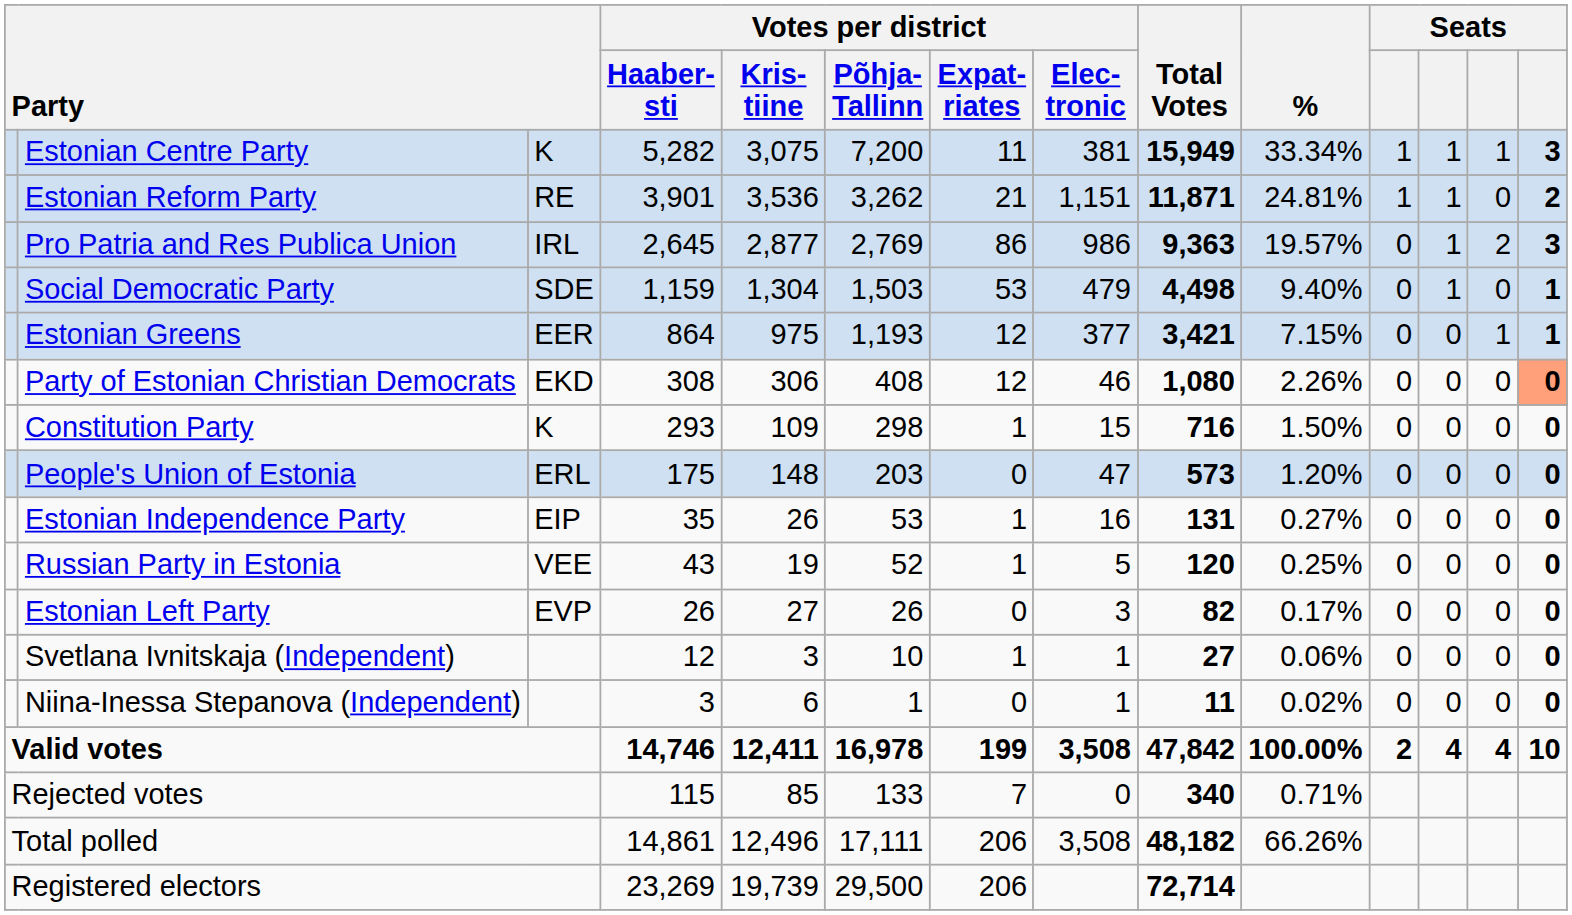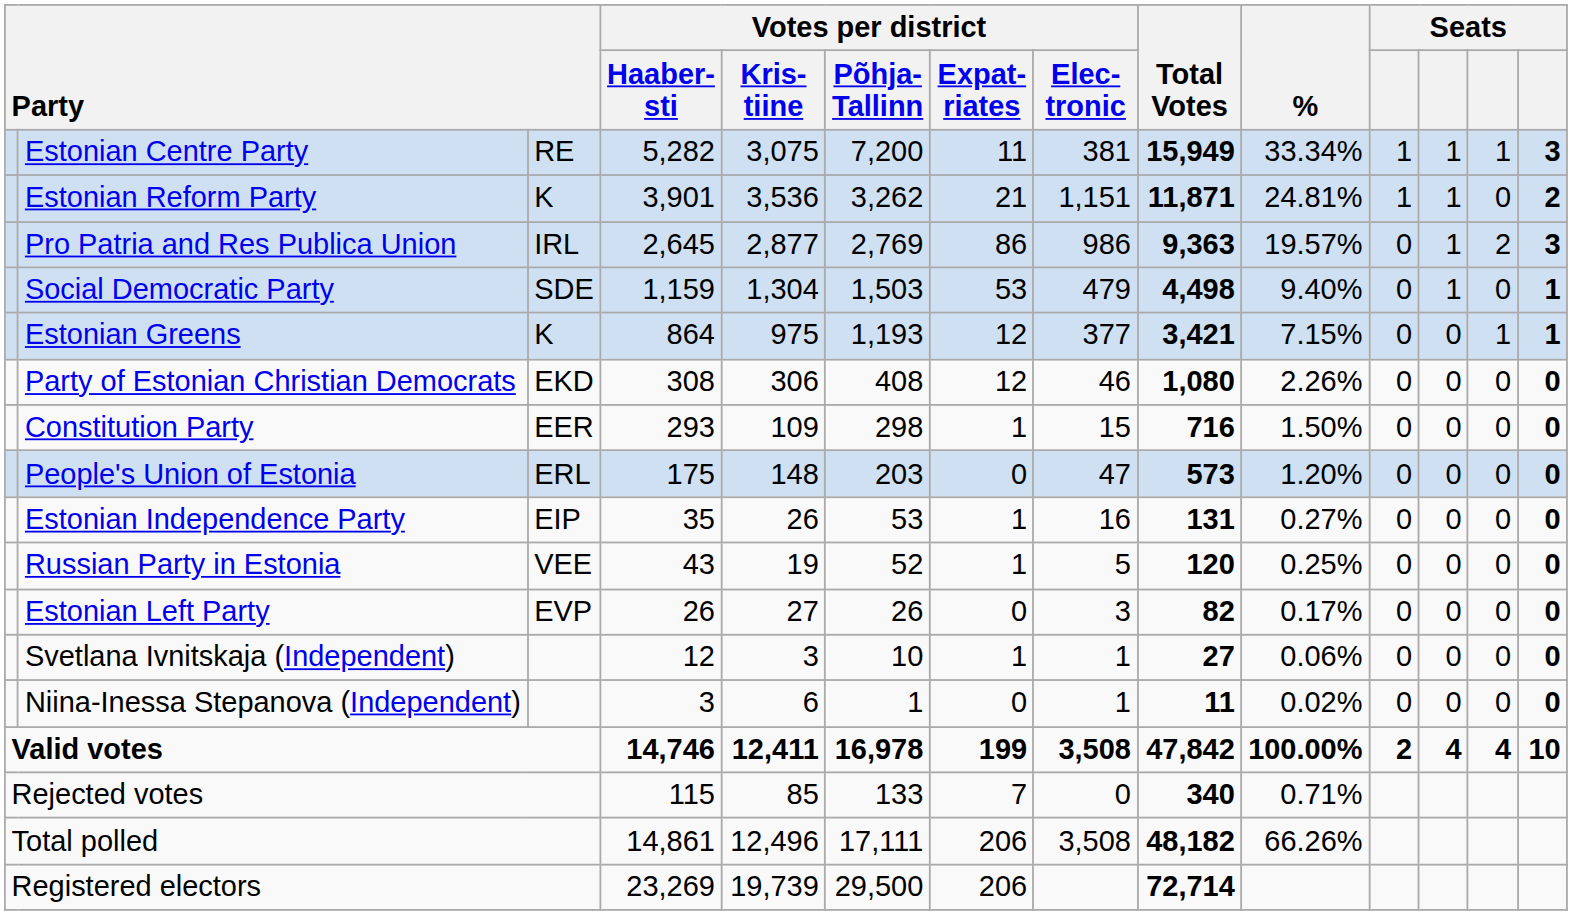 <table class="wikitable" border="1" style="text-align:right;">
 <tr>
 <th style="text-align:left;" valign=bottom rowspan=2 colspan=3>Party</th>
 <th colspan=5>Votes per district</th>
 <th align=center valign=bottom rowspan=2 width="50">Total Votes</th>
 <th align=center valign=bottom rowspan=2 width="50">%</th>
 <th colspan=4>Seats</th>
 </tr>
 <tr>
 <th align=center valign=bottom width="50"><a href='#'>Haaber- sti</a></th>
 <th align=center valign=bottom width="50"><a href='#'>Kris- tiine</a></th>
 <th align=center valign=bottom width="50"><a href='#'>Põhja- Tallinn</a></th>
 <th align=center valign=bottom width="50"><a href='#'>Expat- riates</a></th>
 <th align=center valign=bottom width="50"><a href='#'>Elec- tronic</a></th>
 <th align=center valign=bottom width="20"><small></small></th>
 <th align=center valign=bottom width="20"><small></small></th>
 <th align=center valign=bottom width="20"><small></small></th>
 <th align=center valign=bottom width="20"><small></small></th>
 </tr>
 <tr style="background:#CEE0F2;">
 <td style="background:"></td>
 <td align=left><a href='#'>Estonian Centre Party</a></td>
-<td align=left>K</td>
+<td align=left>RE</td>
 <td>5,282</td>
 <td>3,075</td>
 <td>7,200</td>
 <td>11</td>
 <td>381</td>
 <td><strong>15,949</strong></td>
 <td>33.34%</td>
 <td>1</td>
 <td>1</td>
 <td>1</td>
 <td><strong>3</strong></td>
 </tr>
 <tr style="background:#CEE0F2;">
 <td style="background:"></td>
 <td align=left><a href='#'>Estonian Reform Party</a></td>
-<td align=left>RE</td>
+<td align=left>K</td>
 <td>3,901</td>
 <td>3,536</td>
 <td>3,262</td>
 <td>21</td>
 <td>1,151</td>
 <td><strong>11,871</strong></td>
 <td>24.81%</td>
 <td>1</td>
 <td>1</td>
 <td>0</td>
 <td><strong>2</strong></td>
 </tr>
 <tr style="background:#CEE0F2;">
 <td style="background:"></td>
 <td align=left><a href='#'>Pro Patria and Res Publica Union</a></td>
 <td align=left>IRL</td>
 <td>2,645</td>
 <td>2,877</td>
 <td>2,769</td>
 <td>86</td>
 <td>986</td>
 <td><strong>9,363</strong></td>
 <td>19.57%</td>
 <td>0</td>
 <td>1</td>
 <td>2</td>
 <td><strong>3</strong></td>
 </tr>
 <tr style="background:#CEE0F2;">
 <td style="background:"></td>
 <td align=left><a href='#'>Social Democratic Party</a></td>
 <td align=left>SDE</td>
 <td>1,159</td>
 <td>1,304</td>
 <td>1,503</td>
 <td>53</td>
 <td>479</td>
 <td><strong>4,498</strong></td>
 <td>9.40%</td>
 <td>0</td>
 <td>1</td>
 <td>0</td>
 <td><strong>1</strong></td>
 </tr>
 <tr style="background:#CEE0F2;">
 <td style="background:"></td>
 <td align=left><a href='#'>Estonian Greens</a></td>
-<td align=left>EER</td>
+<td align=left>K</td>
 <td>864</td>
 <td>975</td>
 <td>1,193</td>
 <td>12</td>
 <td>377</td>
 <td><strong>3,421</strong></td>
 <td>7.15%</td>
 <td>0</td>
 <td>0</td>
 <td>1</td>
 <td><strong>1</strong></td>
 </tr>
 <tr>
 <td style="background:"></td>
 <td align=left><a href='#'>Party of Estonian Christian Democrats</a></td>
 <td align=left>EKD</td>
 <td>308</td>
 <td>306</td>
 <td>408</td>
 <td>12</td>
 <td>46</td>
 <td><strong>1,080</strong></td>
 <td>2.26%</td>
 <td>0</td>
 <td>0</td>
 <td>0</td>
-<td style="background: lightsalmon;"><strong>0</strong></td>
+<td><strong>0</strong></td>
 </tr>
 <tr>
 <td style="background:"></td>
 <td align=left><a href='#'>Constitution Party</a></td>
-<td align=left>K</td>
+<td align=left>EER</td>
 <td>293</td>
 <td>109</td>
 <td>298</td>
 <td>1</td>
 <td>15</td>
 <td><strong>716</strong></td>
 <td>1.50%</td>
 <td>0</td>
 <td>0</td>
 <td>0</td>
 <td><strong>0</strong></td>
 </tr>
 <tr style="background:#CEE0F2;">
 <td style="background:"></td>
 <td align=left><a href='#'>People's Union of Estonia</a></td>
 <td align=left>ERL</td>
 <td>175</td>
 <td>148</td>
 <td>203</td>
 <td>0</td>
 <td>47</td>
 <td><strong>573</strong></td>
 <td>1.20%</td>
 <td>0</td>
 <td>0</td>
 <td>0</td>
 <td><strong>0</strong></td>
 </tr>
 <tr>
 <td style="background:"></td>
 <td align=left><a href='#'>Estonian Independence Party</a></td>
 <td align=left>EIP</td>
 <td>35</td>
 <td>26</td>
 <td>53</td>
 <td>1</td>
 <td>16</td>
 <td><strong>131</strong></td>
 <td>0.27%</td>
 <td>0</td>
 <td>0</td>
 <td>0</td>
 <td><strong>0</strong></td>
 </tr>
 <tr>
 <td></td>
 <td align=left><a href='#'>Russian Party in Estonia</a></td>
 <td align=left>VEE</td>
 <td>43</td>
 <td>19</td>
 <td>52</td>
 <td>1</td>
 <td>5</td>
 <td><strong>120</strong></td>
 <td>0.25%</td>
 <td>0</td>
 <td>0</td>
 <td>0</td>
 <td><strong>0</strong></td>
 </tr>
 <tr>
 <td style="background:"></td>
 <td align=left><a href='#'>Estonian Left Party</a></td>
 <td align=left>EVP</td>
 <td>26</td>
 <td>27</td>
 <td>26</td>
 <td>0</td>
 <td>3</td>
 <td><strong>82</strong></td>
 <td>0.17%</td>
 <td>0</td>
 <td>0</td>
 <td>0</td>
 <td><strong>0</strong></td>
 </tr>
 <tr>
 <td style="background:"></td>
 <td align=left>Svetlana Ivnitskaja (<a href='#'>Independent</a>)</td>
 <td></td>
 <td>12</td>
 <td>3</td>
 <td>10</td>
 <td>1</td>
 <td>1</td>
 <td><strong>27</strong></td>
 <td>0.06%</td>
 <td>0</td>
 <td>0</td>
 <td>0</td>
 <td><strong>0</strong></td>
 </tr>
 <tr>
 <td style="background:"></td>
 <td align=left>Niina-Inessa Stepanova (<a href='#'>Independent</a>)</td>
 <td></td>
 <td>3</td>
 <td>6</td>
 <td>1</td>
 <td>0</td>
 <td>1</td>
 <td><strong>11</strong></td>
 <td>0.02%</td>
 <td>0</td>
 <td>0</td>
 <td>0</td>
 <td><strong>0</strong></td>
 </tr>
 <tr style="font-weight:bold">
 <td align=left colspan=3>Valid votes</td>
 <td>14,746</td>
 <td>12,411</td>
 <td>16,978</td>
 <td>199</td>
 <td>3,508</td>
 <td>47,842</td>
 <td>100.00%</td>
 <td>2</td>
 <td>4</td>
 <td>4</td>
 <td>10</td>
 </tr>
 <tr>
 <td align=left colspan=3>Rejected votes</td>
 <td>115</td>
 <td>85</td>
 <td>133</td>
 <td>7</td>
 <td>0</td>
 <td><strong>340</strong></td>
 <td>0.71%</td>
 <td></td>
 <td></td>
 <td></td>
 <td></td>
 </tr>
 <tr>
 <td align=left colspan=3>Total polled</td>
 <td>14,861</td>
 <td>12,496</td>
 <td>17,111</td>
 <td>206</td>
 <td>3,508</td>
 <td><strong>48,182</strong></td>
 <td>66.26%</td>
 <td></td>
 <td></td>
 <td></td>
 <td></td>
 </tr>
 <tr>
 <td align=left colspan=3>Registered electors</td>
 <td>23,269</td>
 <td>19,739</td>
 <td>29,500</td>
 <td>206</td>
 <td></td>
 <td><strong>72,714</strong></td>
 <td></td>
 <td></td>
 <td></td>
 <td></td>
 <td></td>
 </tr>
 </table>
